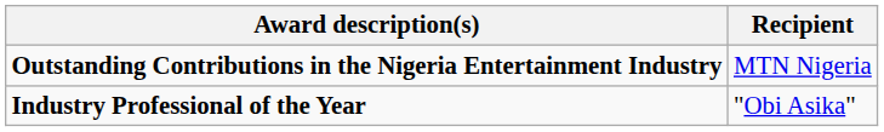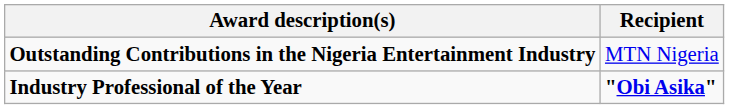 <table class="wikitable">
 <tr>
 <th>Award description(s)</th>
 <th>Recipient</th>
 </tr>
 <tr>
 <td><strong>Outstanding Contributions in the Nigeria Entertainment Industry</strong></td>
 <td><a href='#'>MTN Nigeria</a></td>
 </tr>
 <tr>
 <td><strong>Industry Professional of the Year</strong></td>
-<td>"<a href='#'>Obi Asika</a>"</td>
+<td><strong>"<a href='#'>Obi Asika</a>"</strong></td>
 </tr>
 </table>
